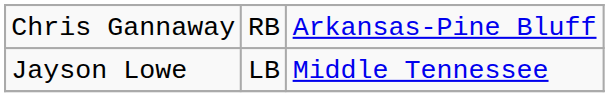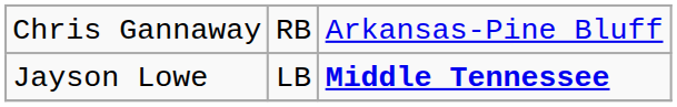 <table class="wikitable">
 <tr>
 <td>Chris Gannaway</td>
 <td>RB</td>
 <td><a href='#'>Arkansas-Pine Bluff</a></td>
 </tr>
 <tr>
 <td>Jayson Lowe</td>
 <td>LB</td>
-<td><a href='#'>Middle Tennessee</a></td>
+<td><strong><a href='#'>Middle Tennessee</a></strong></td>
 </tr>
 <tr>
 </tr>
 </table>
